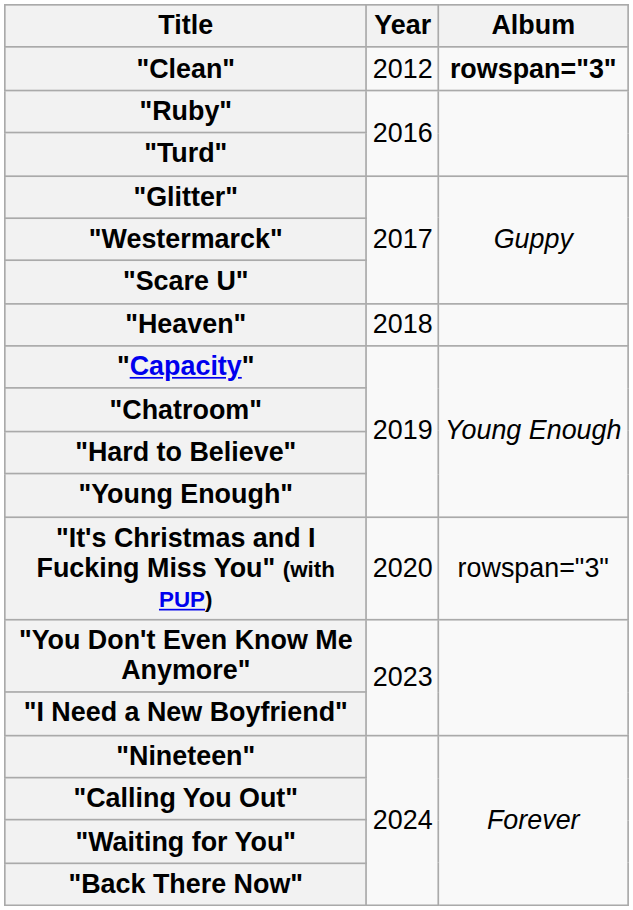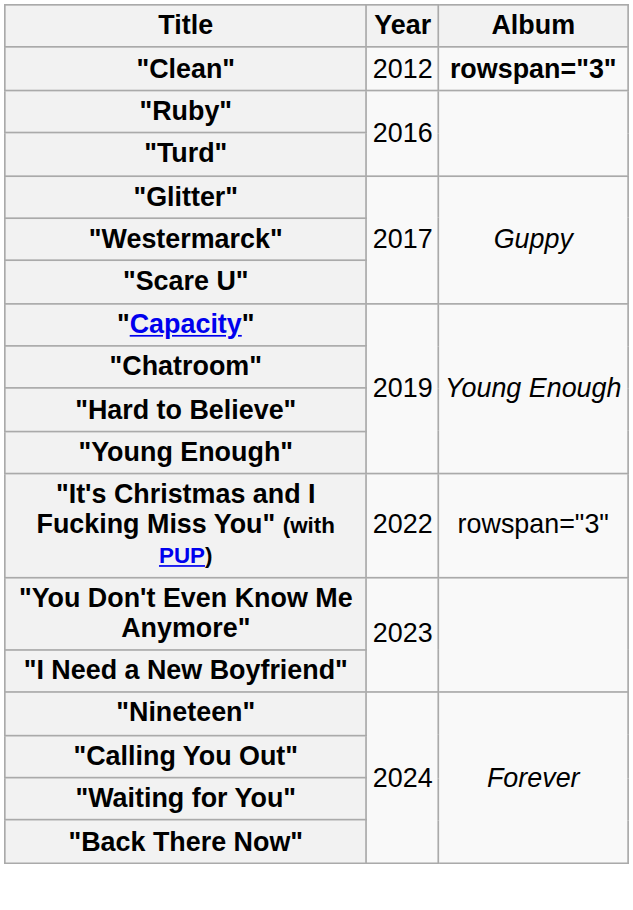 <table class="wikitable plainrowheaders" style="text-align:center;">
 <tr>
 <th scope="col" rowspan="1" style="width:13em;">Title</th>
 <th scope="col" rowspan="1">Year</th>
 <th scope="col" rowspan="1">Album</th>
 </tr>
 <tr>
 <th scope="row">"Clean"</th>
 <td>2012</td>
 <td><strong>rowspan="3" </strong></td>
 </tr>
 <tr>
 <th scope="row">"Ruby"</th>
 <td rowspan="2">2016</td>
 </tr>
 <tr>
 <th scope="row">"Turd"</th>
 </tr>
 <tr>
 <th scope="row">"Glitter"</th>
 <td rowspan="3">2017</td>
 <td rowspan="3"><em>Guppy</em></td>
 </tr>
 <tr>
 <th scope="row">"Westermarck"</th>
 </tr>
 <tr>
 <th scope="row">"Scare U"</th>
 </tr>
 <tr>
-<th scope="row">"Heaven"</th>
-<td>2018</td>
-<td></td>
-</tr>
-<tr>
 <th scope="row">"<a href='#'>Capacity</a>"</th>
 <td rowspan="4">2019</td>
 <td rowspan="4"><em>Young Enough</em></td>
 </tr>
 <tr>
 <th scope="row">"Chatroom"</th>
 </tr>
 <tr>
 <th scope="row">"Hard to Believe"</th>
 </tr>
 <tr>
 <th scope="row">"Young Enough"</th>
 </tr>
 <tr>
 <th scope="row">"It's Christmas and I Fucking Miss You" <small>(with <a href='#'>PUP</a>)</small></th>
-<td>2020</td>
+<td>2022</td>
 <td>rowspan="3" </td>
 </tr>
 <tr>
 <th scope="row">"You Don't Even Know Me Anymore"</th>
 <td rowspan="2">2023</td>
 </tr>
 <tr>
 <th scope="row">"I Need a New Boyfriend"</th>
 </tr>
 <tr>
 <th scope="row">"Nineteen"</th>
 <td rowspan="4">2024</td>
 <td rowspan="4"><em>Forever</em></td>
 </tr>
 <tr>
 <th scope="row">"Calling You Out"</th>
 </tr>
 <tr>
 <th scope="row">"Waiting for You"</th>
 </tr>
 <tr>
 <th scope="row">"Back There Now"</th>
 </tr>
 </table>
